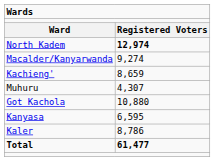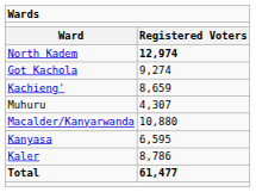 <table class="wikitable">
 <tr>
 <td colspan="2"><strong>Wards</strong></td>
 </tr>
 <tr>
 <td colspan="2"></td>
 </tr>
 <tr>
 <th>Ward</th>
 <th>Registered Voters</th>
 </tr>
 <tr>
 <td><a href='#'>North Kadem</a></td>
 <td><strong>12,974</strong></td>
 </tr>
 <tr>
-<td><a href='#'>Macalder/Kanyarwanda</a></td>
+<td><a href='#'>Got Kachola</a></td>
 <td>9,274</td>
 </tr>
 <tr>
 <td><a href='#'>Kachieng'</a></td>
 <td>8,659</td>
 </tr>
 <tr>
 <td>Muhuru</td>
 <td>4,307</td>
 </tr>
 <tr>
-<td><a href='#'>Got Kachola</a></td>
+<td><a href='#'>Macalder/Kanyarwanda</a></td>
 <td>10,880</td>
 </tr>
 <tr>
 <td><a href='#'>Kanyasa</a></td>
 <td>6,595</td>
 </tr>
 <tr>
 <td><a href='#'>Kaler</a></td>
 <td>8,786</td>
 </tr>
 <tr>
 <td><strong>Total</strong></td>
 <td><strong>61,477</strong></td>
 </tr>
 <tr>
 <td colspan="2"></td>
 </tr>
 </table>
